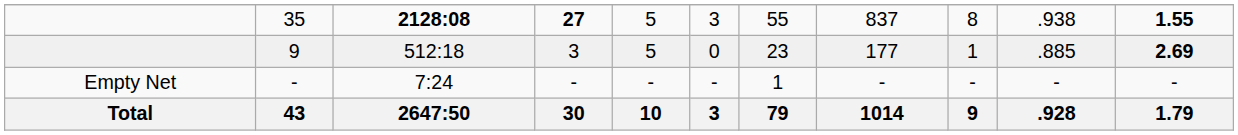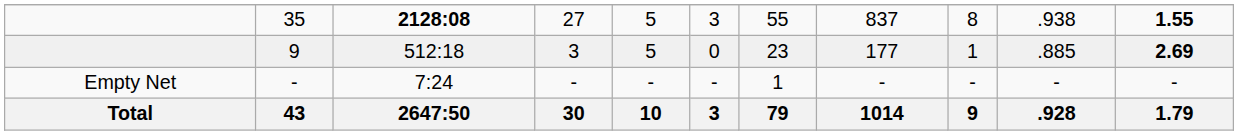 <table class="wikitable sortable" width ="1000">
 <tr align="center">
 </tr>
 <tr align="center" bgcolor="">
 <td></td>
 <td>35</td>
 <td><strong>2128:08</strong></td>
-<td><strong>27</strong></td>
+<td>27</td>
 <td>5</td>
 <td>3</td>
 <td>55</td>
 <td>837</td>
 <td>8</td>
 <td>.938</td>
 <td><strong>1.55</strong></td>
 </tr>
 <tr align="center" bgcolor="f0f0f0">
 <td></td>
 <td>9</td>
 <td>512:18</td>
 <td>3</td>
 <td>5</td>
 <td>0</td>
 <td>23</td>
 <td>177</td>
 <td>1</td>
 <td>.885</td>
 <td><strong>2.69</strong></td>
 </tr>
 <tr align="center" bgcolor="">
 <td>Empty Net</td>
 <td>-</td>
 <td>7:24</td>
 <td>-</td>
 <td>-</td>
 <td>-</td>
 <td>1</td>
 <td>-</td>
 <td>-</td>
 <td>-</td>
 <td>-</td>
 </tr>
 <tr>
 <th>Total</th>
 <th>43</th>
 <th>2647:50</th>
 <th>30</th>
 <th>10</th>
 <th>3</th>
 <th>79</th>
 <th>1014</th>
 <th>9</th>
 <th>.928</th>
 <th>1.79</th>
 </tr>
 </table>
